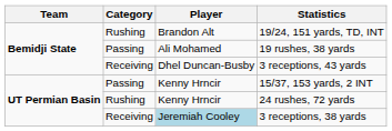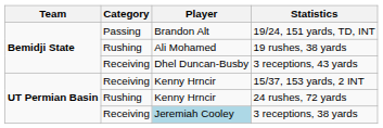 <table class="wikitable" style="float: right;">
 <tr>
 <th>Team</th>
 <th>Category</th>
 <th>Player</th>
 <th>Statistics</th>
 </tr>
 <tr>
 <td rowspan=3><strong>Bemidji State</strong></td>
-<td>Rushing</td>
+<td>Passing</td>
 <td>Brandon Alt</td>
 <td>19/24, 151 yards, TD, INT</td>
 </tr>
 <tr>
-<td>Passing</td>
+<td>Rushing</td>
 <td>Ali Mohamed</td>
 <td>19 rushes, 38 yards</td>
 </tr>
 <tr>
 <td>Receiving</td>
 <td>Dhel Duncan-Busby</td>
 <td>3 receptions, 43 yards</td>
 </tr>
 <tr>
 <td rowspan=3><strong>UT Permian Basin</strong></td>
-<td>Passing</td>
+<td>Receiving</td>
 <td>Kenny Hrncir</td>
 <td>15/37, 153 yards, 2 INT</td>
 </tr>
 <tr>
 <td>Rushing</td>
 <td>Kenny Hrncir</td>
 <td>24 rushes, 72 yards</td>
 </tr>
 <tr>
 <td>Receiving</td>
 <td style="background: lightblue;">Jeremiah Cooley</td>
 <td>3 receptions, 38 yards</td>
 </tr>
 </table>
